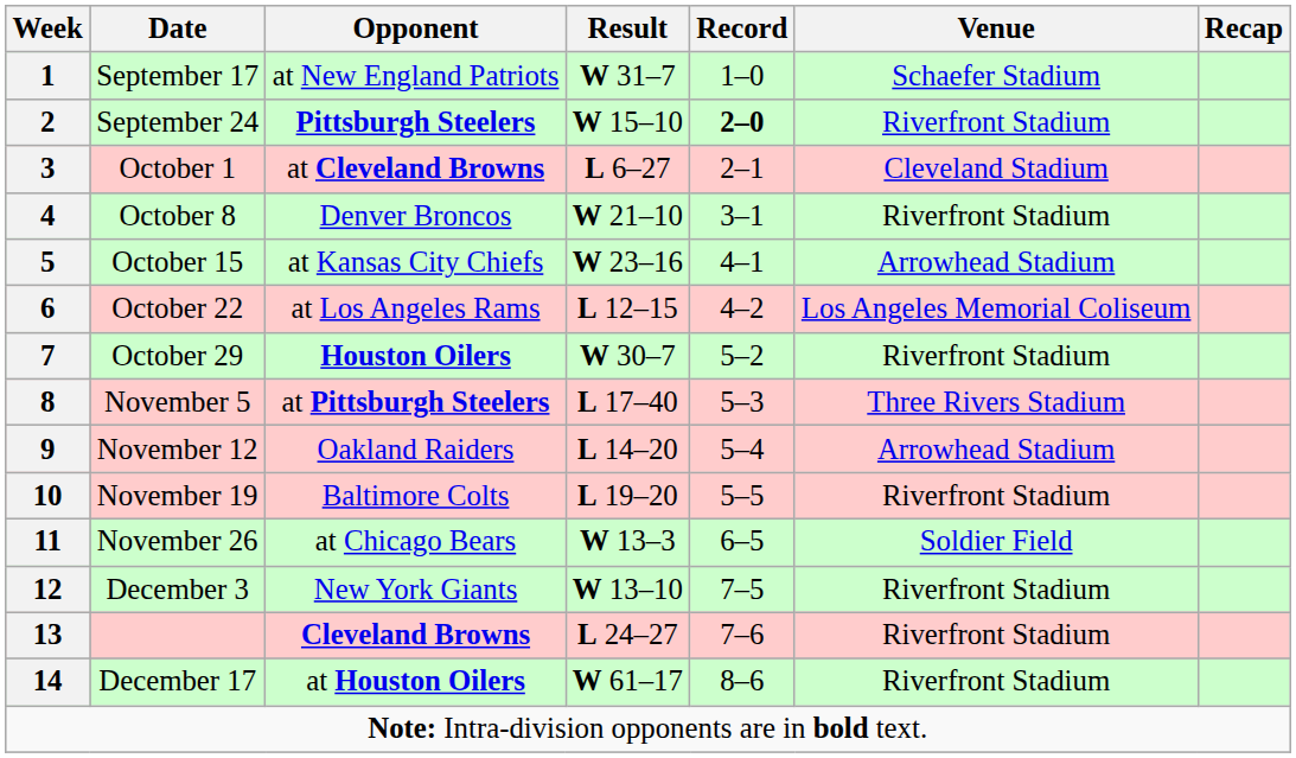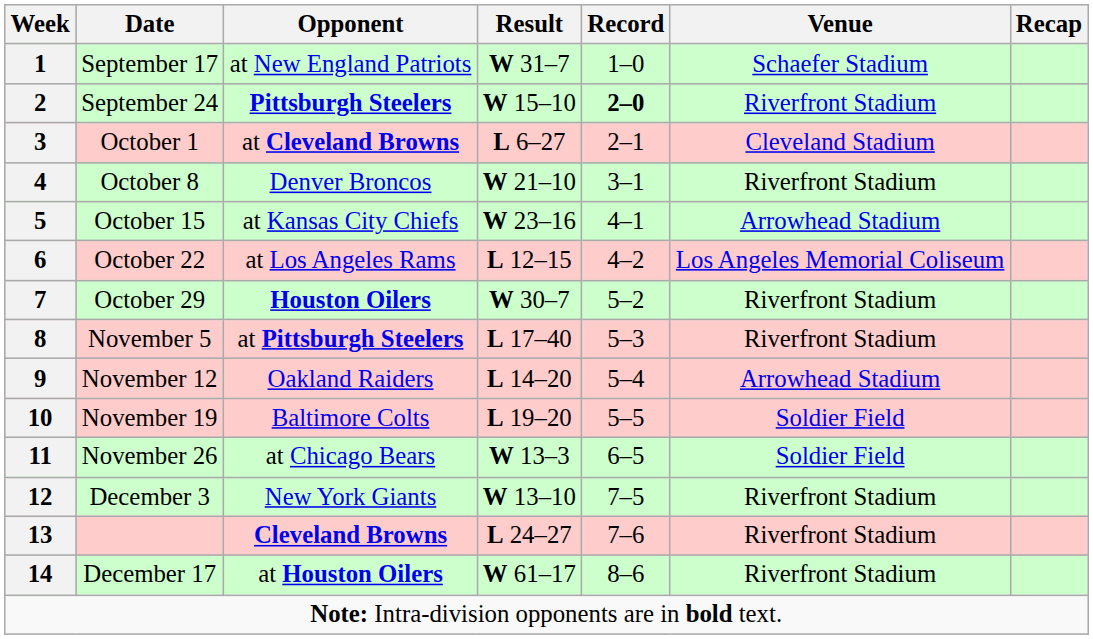 <table class="wikitable" style="text-align:center">
 <tr>
 <th>Week</th>
 <th>Date</th>
 <th>Opponent</th>
 <th>Result</th>
 <th>Record</th>
 <th>Venue</th>
 <th>Recap</th>
 </tr>
 <tr style="background:#cfc">
 <th>1</th>
 <td>September 17</td>
 <td>at <a href='#'>New England Patriots</a></td>
 <td><strong>W</strong> 31–7</td>
 <td>1–0</td>
 <td><a href='#'>Schaefer Stadium</a></td>
 <td></td>
 </tr>
 <tr style="background:#cfc">
 <th>2</th>
 <td>September 24</td>
 <td><strong><a href='#'>Pittsburgh Steelers</a></strong></td>
 <td><strong>W</strong> 15–10</td>
 <td><strong>2–0</strong></td>
 <td><a href='#'>Riverfront Stadium</a></td>
 <td></td>
 </tr>
 <tr style="background:#fcc">
 <th>3</th>
 <td>October 1</td>
 <td>at  <strong><a href='#'>Cleveland Browns</a></strong></td>
 <td><strong>L</strong> 6–27</td>
 <td>2–1</td>
 <td><a href='#'>Cleveland Stadium</a></td>
 <td></td>
 </tr>
 <tr style="background:#cfc">
 <th>4</th>
 <td>October 8</td>
 <td><a href='#'>Denver Broncos</a></td>
 <td><strong>W</strong> 21–10</td>
 <td>3–1</td>
 <td>Riverfront Stadium</td>
 <td></td>
 </tr>
 <tr style="background:#cfc">
 <th>5</th>
 <td>October 15</td>
 <td>at <a href='#'>Kansas City Chiefs</a></td>
 <td><strong>W</strong> 23–16</td>
 <td>4–1</td>
 <td><a href='#'>Arrowhead Stadium</a></td>
 <td></td>
 </tr>
 <tr style="background:#fcc">
 <th>6</th>
 <td>October 22</td>
 <td>at <a href='#'>Los Angeles Rams</a></td>
 <td><strong>L</strong> 12–15</td>
 <td>4–2</td>
 <td><a href='#'>Los Angeles Memorial Coliseum</a></td>
 <td></td>
 </tr>
 <tr style="background:#cfc">
 <th>7</th>
 <td>October 29</td>
 <td><strong><a href='#'>Houston Oilers</a></strong></td>
 <td><strong>W</strong> 30–7</td>
 <td>5–2</td>
 <td>Riverfront Stadium</td>
 <td></td>
 </tr>
 <tr style="background:#fcc">
 <th>8</th>
 <td>November 5</td>
 <td>at  <strong><a href='#'>Pittsburgh Steelers</a></strong></td>
 <td><strong>L</strong> 17–40</td>
 <td>5–3</td>
-<td><a href='#'>Three Rivers Stadium</a></td>
+<td>Riverfront Stadium</td>
 <td></td>
 </tr>
 <tr style="background:#fcc">
 <th>9</th>
 <td>November 12</td>
 <td><a href='#'>Oakland Raiders</a></td>
 <td><strong>L</strong> 14–20</td>
 <td>5–4</td>
 <td><a href='#'>Arrowhead Stadium</a></td>
 <td></td>
 </tr>
 <tr style="background:#fcc">
 <th>10</th>
 <td>November 19</td>
 <td><a href='#'>Baltimore Colts</a></td>
 <td><strong>L</strong> 19–20</td>
 <td>5–5</td>
-<td>Riverfront Stadium</td>
+<td><a href='#'>Soldier Field</a></td>
 <td></td>
 </tr>
 <tr style="background:#cfc">
 <th>11</th>
 <td>November 26</td>
 <td>at <a href='#'>Chicago Bears</a></td>
 <td><strong>W</strong> 13–3</td>
 <td>6–5</td>
 <td><a href='#'>Soldier Field</a></td>
 <td></td>
 </tr>
 <tr style="background:#cfc">
 <th>12</th>
 <td>December 3</td>
 <td><a href='#'>New York Giants</a></td>
 <td><strong>W</strong> 13–10</td>
 <td>7–5</td>
 <td>Riverfront Stadium</td>
 <td></td>
 </tr>
 <tr style="background:#fcc">
 <th>13</th>
 <td></td>
 <td><strong><a href='#'>Cleveland Browns</a></strong></td>
 <td><strong>L</strong> 24–27</td>
 <td>7–6</td>
 <td>Riverfront Stadium</td>
 <td></td>
 </tr>
 <tr style="background:#cfc">
 <th>14</th>
 <td>December 17</td>
 <td>at <strong><a href='#'>Houston Oilers</a></strong></td>
 <td><strong>W</strong> 61–17</td>
 <td>8–6</td>
 <td>Riverfront Stadium</td>
 <td></td>
 </tr>
 <tr>
 <td colspan="8"><strong>Note:</strong> Intra-division opponents are in <strong>bold</strong> text.</td>
 </tr>
 </table>
